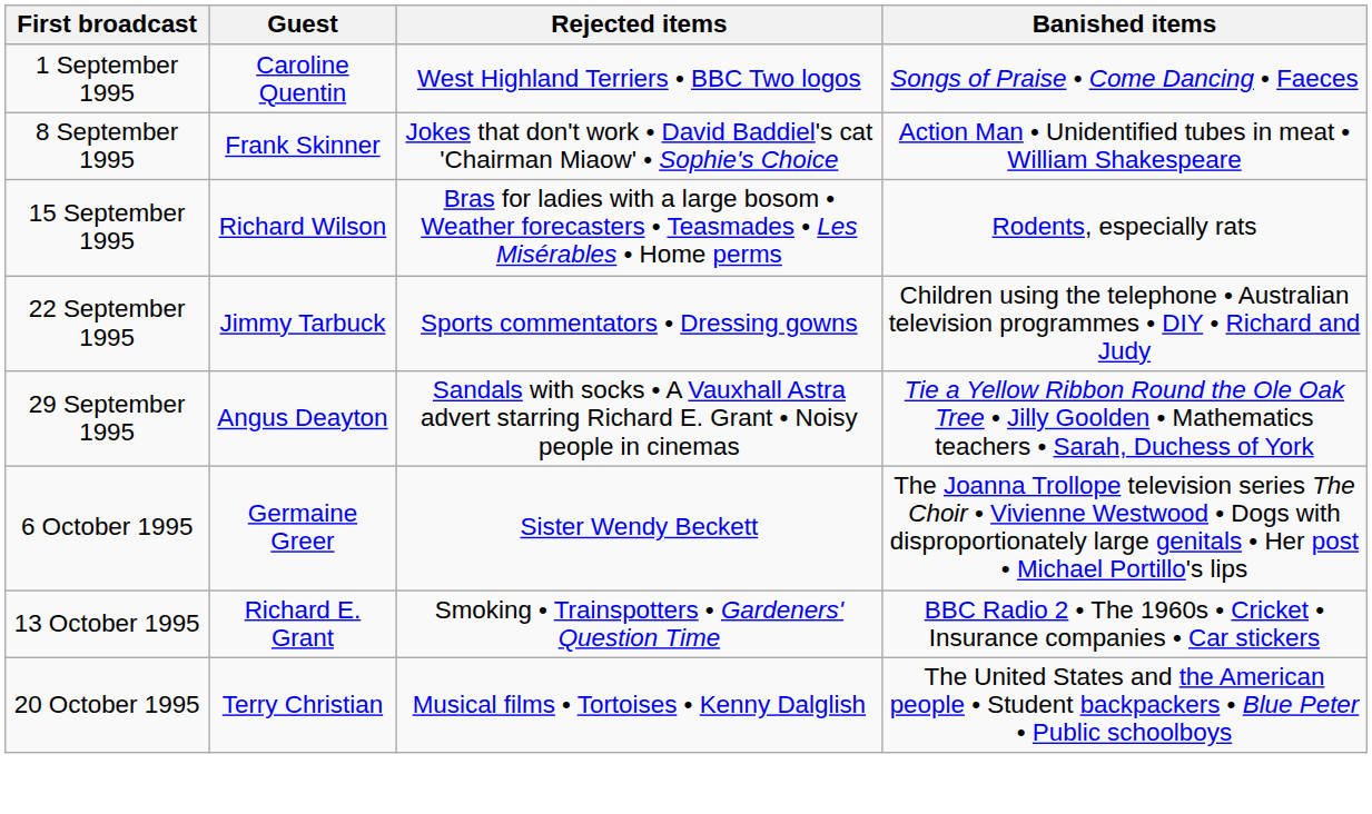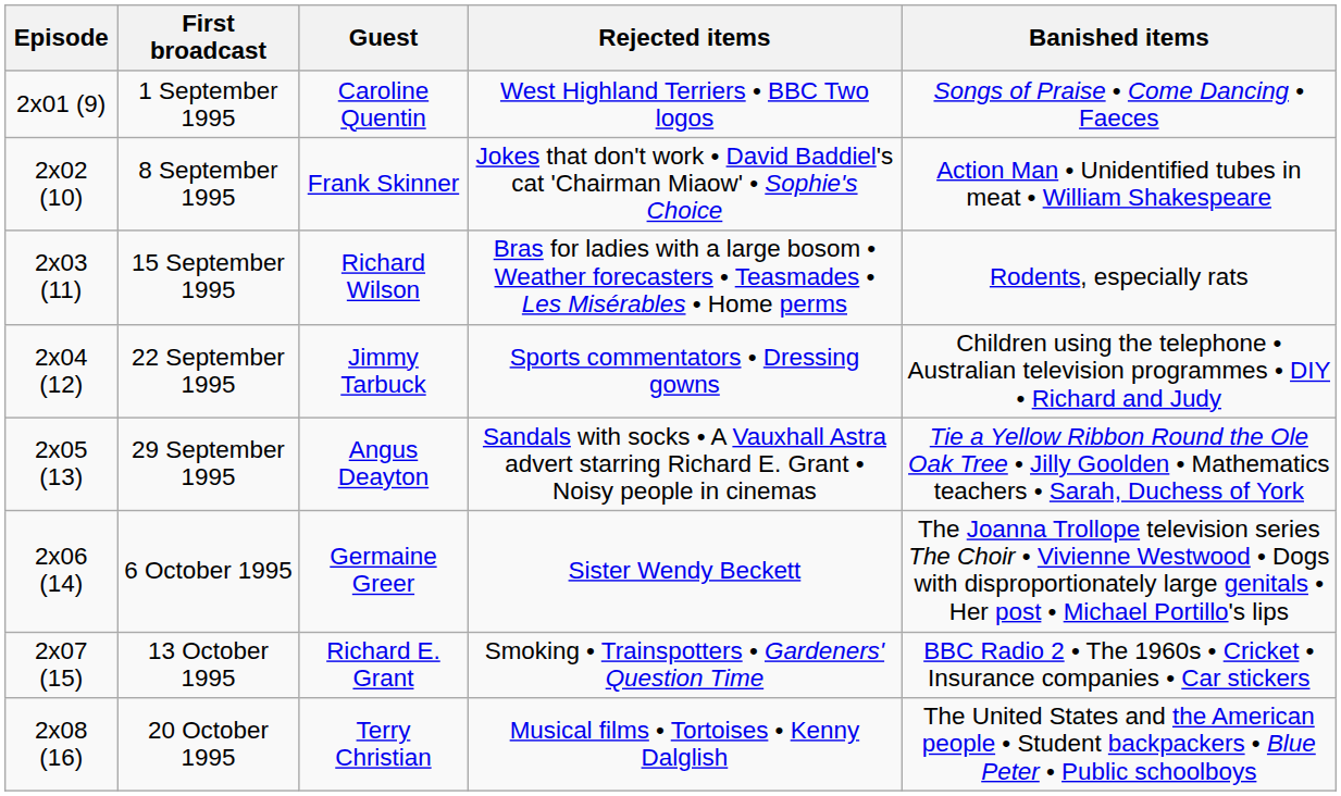 <table class="wikitable"  style="width:99%; left:0 auto; text-align:center;">
 <tr>
+<th style="width:8%;">Episode</th>
 <th style="width:13%;">First broadcast</th>
 <th style="width:12%;">Guest</th>
 <th style="width:31%;">Rejected items</th>
 <th style="width:31%;">Banished items</th>
 </tr>
 <tr>
+<td>2x01 (9)</td>
 <td>1 September 1995</td>
 <td><a href='#'>Caroline Quentin</a></td>
 <td><a href='#'>West Highland Terriers</a> • <a href='#'>BBC Two logos</a></td>
 <td><em><a href='#'>Songs of Praise</a></em> • <em><a href='#'>Come Dancing</a></em> • <a href='#'>Faeces</a></td>
 </tr>
 <tr>
+<td>2x02 (10)</td>
 <td>8 September 1995</td>
 <td><a href='#'>Frank Skinner</a></td>
 <td><a href='#'>Jokes</a> that don't work • <a href='#'>David Baddiel</a>'s cat 'Chairman Miaow' • <em><a href='#'>Sophie's Choice</a></em></td>
 <td><a href='#'>Action Man</a> • Unidentified tubes in meat • <a href='#'>William Shakespeare</a></td>
 </tr>
 <tr>
+<td>2x03 (11)</td>
 <td>15 September 1995</td>
 <td><a href='#'>Richard Wilson</a></td>
 <td><a href='#'>Bras</a> for ladies with a large bosom • <a href='#'>Weather forecasters</a> • <a href='#'>Teasmades</a> • <em><a href='#'>Les Misérables</a></em> • Home <a href='#'>perms</a></td>
 <td><a href='#'>Rodents</a>, especially rats</td>
 </tr>
 <tr>
+<td>2x04 (12)</td>
 <td>22 September 1995</td>
 <td><a href='#'>Jimmy Tarbuck</a></td>
 <td><a href='#'>Sports commentators</a> • <a href='#'>Dressing gowns</a></td>
 <td>Children using the telephone • Australian television programmes • <a href='#'>DIY</a> • <a href='#'>Richard and Judy</a></td>
 </tr>
 <tr>
+<td>2x05 (13)</td>
 <td>29 September 1995</td>
 <td><a href='#'>Angus Deayton</a></td>
 <td><a href='#'>Sandals</a> with socks • A <a href='#'>Vauxhall Astra</a> advert starring Richard E. Grant • Noisy people in cinemas</td>
 <td><em><a href='#'>Tie a Yellow Ribbon Round the Ole Oak Tree</a></em> • <a href='#'>Jilly Goolden</a> • Mathematics teachers • <a href='#'>Sarah, Duchess of York</a></td>
 </tr>
 <tr>
+<td>2x06 (14)</td>
 <td>6 October 1995</td>
 <td><a href='#'>Germaine Greer</a></td>
 <td><a href='#'>Sister Wendy Beckett</a></td>
 <td>The <a href='#'>Joanna Trollope</a> television series <em>The Choir</em> • <a href='#'>Vivienne Westwood</a> • Dogs with disproportionately large <a href='#'>genitals</a> • Her <a href='#'>post</a> • <a href='#'>Michael Portillo</a>'s lips</td>
 </tr>
 <tr>
+<td>2x07 (15)</td>
 <td>13 October 1995</td>
 <td><a href='#'>Richard E. Grant</a></td>
 <td>Smoking • <a href='#'>Trainspotters</a> • <em><a href='#'>Gardeners' Question Time</a></em></td>
 <td><a href='#'>BBC Radio 2</a> • The 1960s • <a href='#'>Cricket</a> • Insurance companies • <a href='#'>Car stickers</a></td>
 </tr>
 <tr>
+<td>2x08 (16)</td>
 <td>20 October 1995</td>
 <td><a href='#'>Terry Christian</a></td>
 <td><a href='#'>Musical films</a> • <a href='#'>Tortoises</a> • <a href='#'>Kenny Dalglish</a></td>
 <td>The United States and <a href='#'>the American people</a> • Student <a href='#'>backpackers</a> • <em><a href='#'>Blue Peter</a></em> • <a href='#'>Public schoolboys</a></td>
 </tr>
 </table>
